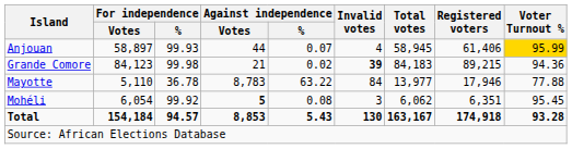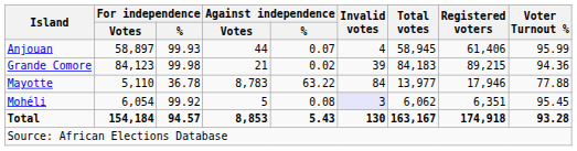 <table class="wikitable" style="text-align:right">
 <tr>
 <th rowspan="2">Island</th>
 <th colspan="2">For independence</th>
 <th colspan="2">Against independence</th>
 <th rowspan="2">Invalid<br>votes</th>
 <th rowspan="2">Total<br>votes</th>
 <th rowspan="2">Registered<br>voters</th>
 <th rowspan="2">Voter<br>Turnout %</th>
 </tr>
 <tr>
 <th>Votes</th>
 <th>%</th>
 <th>Votes</th>
 <th>%</th>
 </tr>
 <tr>
 <td align="left"><a href='#'>Anjouan</a></td>
 <td>58,897</td>
 <td>99.93</td>
 <td>44</td>
 <td>0.07</td>
 <td>4</td>
 <td>58,945</td>
 <td>61,406</td>
-<td style="background: gold;">95.99</td>
+<td>95.99</td>
 </tr>
 <tr>
 <td align="left"><a href='#'>Grande Comore</a></td>
 <td>84,123</td>
 <td>99.98</td>
 <td>21</td>
 <td>0.02</td>
-<td><strong>39</strong></td>
+<td>39</td>
 <td>84,183</td>
 <td>89,215</td>
 <td>94.36</td>
 </tr>
 <tr>
 <td align="left"><a href='#'>Mayotte</a></td>
 <td>5,110</td>
 <td>36.78</td>
 <td>8,783</td>
 <td>63.22</td>
 <td>84</td>
 <td>13,977</td>
 <td>17,946</td>
 <td>77.88</td>
 </tr>
 <tr>
 <td align="left"><a href='#'>Mohéli</a></td>
 <td>6,054</td>
 <td>99.92</td>
-<td><strong>5</strong></td>
+<td>5</td>
 <td>0.08</td>
-<td>3</td>
+<td style="background: lavender;">3</td>
 <td>6,062</td>
 <td>6,351</td>
 <td>95.45</td>
 </tr>
 <tr>
 <td align="left"><strong>Total</strong></td>
 <td><strong>154,184</strong></td>
 <td><strong>94.57</strong></td>
 <td><strong>8,853</strong></td>
 <td><strong>5.43</strong></td>
 <td><strong>130</strong></td>
 <td><strong>163,167</strong></td>
 <td><strong>174,918</strong></td>
 <td><strong>93.28</strong></td>
 </tr>
 <tr>
 <td colspan="9" align="left">Source: African Elections Database</td>
 </tr>
 </table>
